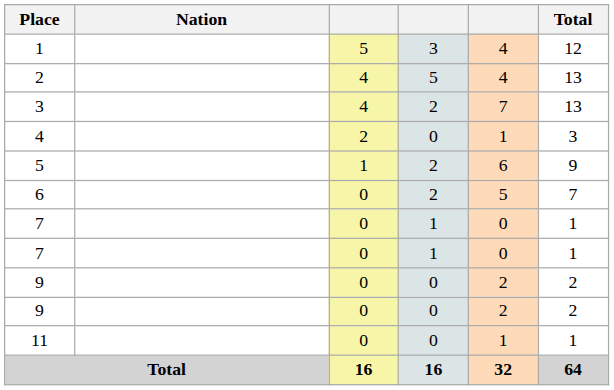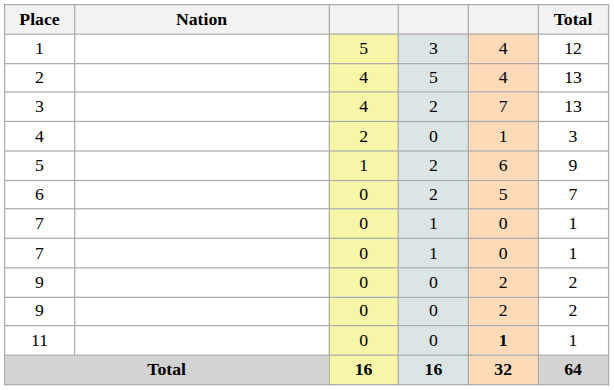 <table class=wikitable style="border:1px solid #AAAAAA;font-size:90%">
 <tr bgcolor="#EFEFEF">
 <th width=50>Place</th>
 <th width=200>Nation</th>
 <th width=50></th>
 <th width=50></th>
 <th width=50></th>
 <th width=50>Total</th>
 </tr>
 <tr align="center" valign="top" bgcolor="#FFFFFF">
 <td>1</td>
 <td align="left"></td>
 <td style="background:#F7F6A8;">5</td>
 <td style="background:#DCE5E5;">3</td>
 <td style="background:#FFDAB9;">4</td>
 <td>12</td>
 </tr>
 <tr align="center" valign="top" bgcolor="#FFFFFF">
 <td>2</td>
 <td align="left"></td>
 <td style="background:#F7F6A8;">4</td>
 <td style="background:#DCE5E5;">5</td>
 <td style="background:#FFDAB9;">4</td>
 <td>13</td>
 </tr>
 <tr align="center" valign="top" bgcolor="#FFFFFF">
 <td>3</td>
 <td align="left"></td>
 <td style="background:#F7F6A8;">4</td>
 <td style="background:#DCE5E5;">2</td>
 <td style="background:#FFDAB9;">7</td>
 <td>13</td>
 </tr>
 <tr align="center" valign="top" bgcolor="#FFFFFF">
 <td>4</td>
 <td align="left"></td>
 <td style="background:#F7F6A8;">2</td>
 <td style="background:#DCE5E5;">0</td>
 <td style="background:#FFDAB9;">1</td>
 <td>3</td>
 </tr>
 <tr align="center" valign="top" bgcolor="#FFFFFF">
 <td>5</td>
 <td align="left"></td>
 <td style="background:#F7F6A8;">1</td>
 <td style="background:#DCE5E5;">2</td>
 <td style="background:#FFDAB9;">6</td>
 <td>9</td>
 </tr>
 <tr align="center" valign="top" bgcolor="#FFFFFF">
 <td>6</td>
 <td align="left"></td>
 <td style="background:#F7F6A8;">0</td>
 <td style="background:#DCE5E5;">2</td>
 <td style="background:#FFDAB9;">5</td>
 <td>7</td>
 </tr>
 <tr align="center" valign="top" bgcolor="#FFFFFF">
 <td>7</td>
 <td align="left"></td>
 <td style="background:#F7F6A8;">0</td>
 <td style="background:#DCE5E5;">1</td>
 <td style="background:#FFDAB9;">0</td>
 <td>1</td>
 </tr>
 <tr align="center" valign="top" bgcolor="#FFFFFF">
 <td>7</td>
 <td align="left"></td>
 <td style="background:#F7F6A8;">0</td>
 <td style="background:#DCE5E5;">1</td>
 <td style="background:#FFDAB9;">0</td>
 <td>1</td>
 </tr>
 <tr align="center" valign="top" bgcolor="#FFFFFF">
 <td>9</td>
 <td align="left"></td>
 <td style="background:#F7F6A8;">0</td>
 <td style="background:#DCE5E5;">0</td>
 <td style="background:#FFDAB9;">2</td>
 <td>2</td>
 </tr>
 <tr align="center" valign="top" bgcolor="#FFFFFF">
 <td>9</td>
 <td align="left"></td>
 <td style="background:#F7F6A8;">0</td>
 <td style="background:#DCE5E5;">0</td>
 <td style="background:#FFDAB9;">2</td>
 <td>2</td>
 </tr>
 <tr align="center" valign="top" bgcolor="#FFFFFF">
 <td>11</td>
 <td align="left"></td>
 <td style="background:#F7F6A8;">0</td>
 <td style="background:#DCE5E5;">0</td>
-<td style="background:#FFDAB9;">1</td>
+<td style="background:#FFDAB9;"><strong>1</strong></td>
 <td>1</td>
 </tr>
 <tr align="center">
 <td colspan="2" bgcolor=D3D3D3><strong>Total</strong></td>
 <td style="background:#F7F6A8;"><strong>16</strong></td>
 <td style="background:#DCE5E5;"><strong>16</strong></td>
 <td style="background:#FFDAB9;"><strong>32</strong></td>
 <td bgcolor=D3D3D3><strong>64</strong></td>
 </tr>
 </table>
